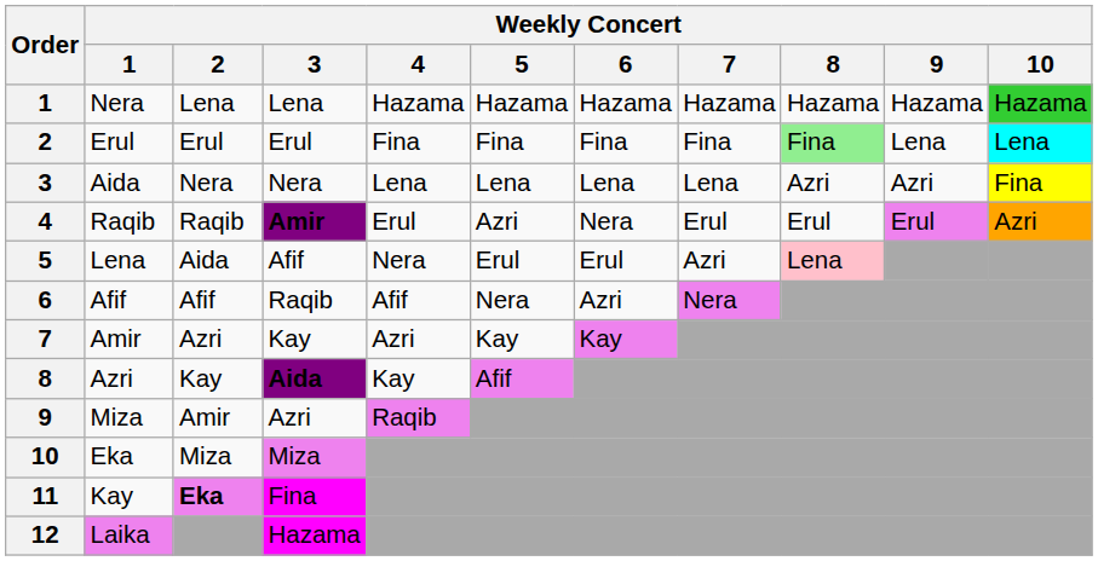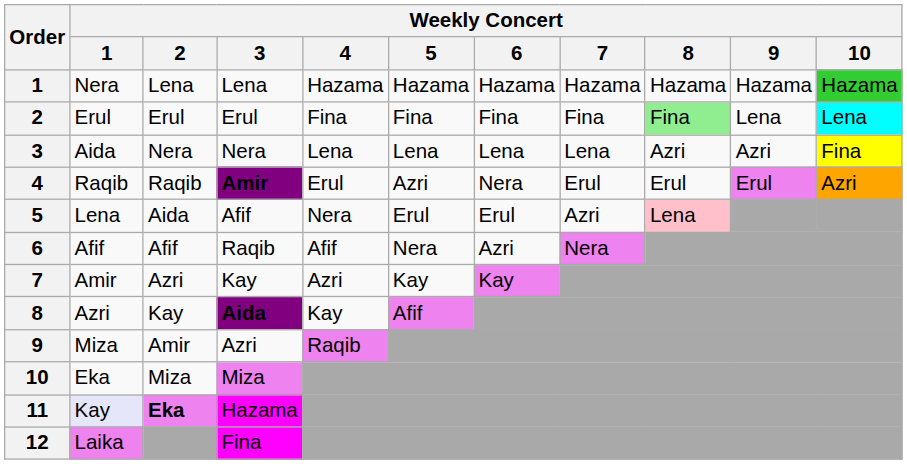 <table class="wikitable">
 <tr>
 <th rowspan=2>Order</th>
 <th colspan=10>Weekly Concert</th>
 </tr>
 <tr>
 <th width="50">1</th>
 <th width="50">2</th>
 <th width="50">3</th>
 <th width="50">4</th>
 <th width="50">5</th>
 <th width="50">6</th>
 <th width="50">7</th>
 <th width="50">8</th>
 <th width="50">9</th>
 <th width="50">10</th>
 </tr>
 <tr>
 <th>1</th>
 <td>Nera</td>
 <td>Lena</td>
 <td>Lena</td>
 <td>Hazama</td>
 <td>Hazama</td>
 <td>Hazama</td>
 <td>Hazama</td>
 <td>Hazama</td>
 <td>Hazama</td>
 <td style="background:limegreen;">Hazama</td>
 </tr>
 <tr>
 <th>2</th>
 <td>Erul</td>
 <td>Erul</td>
 <td>Erul</td>
 <td>Fina</td>
 <td>Fina</td>
 <td>Fina</td>
 <td>Fina</td>
 <td style="background:lightgreen;">Fina</td>
 <td>Lena</td>
 <td style="background:cyan;">Lena</td>
 </tr>
 <tr>
 <th>3</th>
 <td>Aida</td>
 <td>Nera</td>
 <td>Nera</td>
 <td>Lena</td>
 <td>Lena</td>
 <td>Lena</td>
 <td>Lena</td>
 <td>Azri</td>
 <td>Azri</td>
 <td style="background:yellow;">Fina</td>
 </tr>
 <tr>
 <th>4</th>
 <td>Raqib</td>
 <td>Raqib</td>
 <td style="background:purple;"><span><strong>Amir</strong></span></td>
 <td>Erul</td>
 <td>Azri</td>
 <td>Nera</td>
 <td>Erul</td>
 <td>Erul</td>
 <td style="background:violet;">Erul</td>
 <td style="background:orange;">Azri</td>
 </tr>
 <tr>
 <th>5</th>
 <td>Lena</td>
 <td>Aida</td>
 <td>Afif</td>
 <td>Nera</td>
 <td>Erul</td>
 <td>Erul</td>
 <td>Azri</td>
 <td style="background:pink;">Lena</td>
 <td style="background:darkgrey;"></td>
 <td style="background:darkgrey;" colspan="2"></td>
 </tr>
 <tr>
 <th>6</th>
 <td>Afif</td>
 <td>Afif</td>
 <td>Raqib</td>
 <td>Afif</td>
 <td>Nera</td>
 <td>Azri</td>
 <td style="background:violet;">Nera</td>
 <td style="background:darkgrey;" colspan="3"></td>
 </tr>
 <tr>
 <th>7</th>
 <td>Amir</td>
 <td>Azri</td>
 <td>Kay</td>
 <td>Azri</td>
 <td>Kay</td>
 <td style="background:violet;">Kay</td>
 <td style="background:darkgrey;" colspan="4"></td>
 </tr>
 <tr>
 <th>8</th>
 <td>Azri</td>
 <td>Kay</td>
 <td style="background:purple;"><span><strong>Aida</strong></span></td>
 <td>Kay</td>
 <td style="background:violet;">Afif</td>
 <td style="background:darkgrey;" colspan="5"></td>
 </tr>
 <tr>
 <th>9</th>
 <td>Miza</td>
 <td>Amir</td>
 <td>Azri</td>
 <td style="background:violet;">Raqib</td>
 <td style="background:darkgrey;" colspan="7"></td>
 </tr>
 <tr>
 <th>10</th>
 <td>Eka</td>
 <td>Miza</td>
 <td style="background:violet;">Miza</td>
 <td style="background:darkgrey;" colspan="7"></td>
 </tr>
 <tr>
 <th>11</th>
-<td>Kay</td>
+<td style="background: lavender;">Kay</td>
 <td style="background:violet;"><strong>Eka</strong></td>
-<td style="background:magenta;">Fina</td>
+<td style="background:magenta;">Hazama</td>
 <td style="background:darkgrey;" colspan="10"></td>
 </tr>
 <tr>
 <th>12</th>
 <td style="background:violet;">Laika</td>
 <td style="background:darkgrey;"></td>
-<td style="background:magenta;">Hazama</td>
+<td style="background:magenta;">Fina</td>
 <td style="background:darkgrey;" colspan="10"></td>
 </tr>
 </table>
